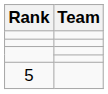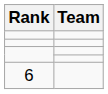 <table class="wikitable">
 <tr>
 <th>Rank</th>
 <th>Team</th>
 </tr>
 <tr>
 <td align=center></td>
 <td></td>
 </tr>
 <tr>
 <td align=center></td>
 <td></td>
 </tr>
 <tr>
 <td align=center rowspan=2></td>
 <td></td>
 </tr>
 <tr>
 <td></td>
 </tr>
 <tr>
-<td align=center>5</td>
+<td align=center>6</td>
 <td></td>
 </tr>
 </table>
